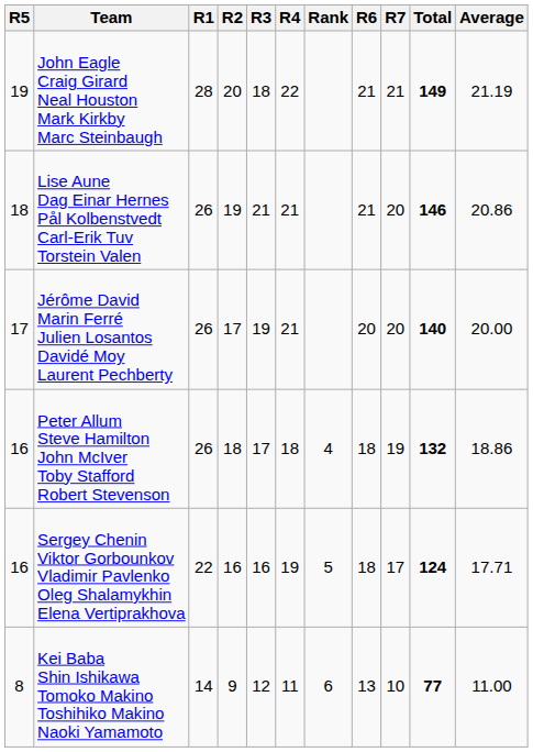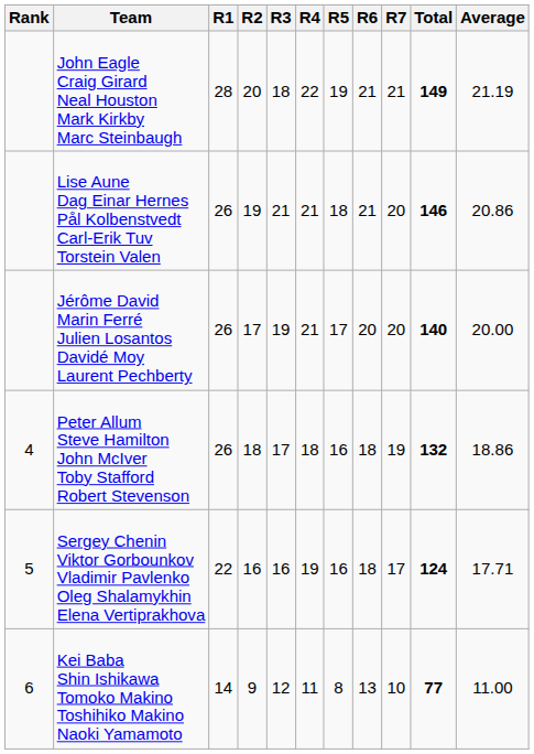 <table class="wikitable sortable" style="text-align:center">
 <tr>
-<th>R5</th>
+<th scope=col>Rank</th>
 <th scope=col>Team</th>
 <th scope=col>R1</th>
 <th scope=col>R2</th>
 <th scope=col>R3</th>
 <th>R4</th>
-<th scope=col>Rank</th>
+<th>R5</th>
 <th>R6</th>
 <th>R7</th>
 <th>Total</th>
 <th>Average</th>
 </tr>
 <tr>
-<td>19</td>
+<td></td>
 <td align=left><br><a href='#'>John Eagle</a><br><a href='#'>Craig Girard</a><br><a href='#'>Neal Houston</a><br><a href='#'>Mark Kirkby</a><br><a href='#'>Marc Steinbaugh</a></td>
 <td>28</td>
 <td>20</td>
 <td>18</td>
 <td>22</td>
-<td></td>
+<td>19</td>
 <td>21</td>
 <td>21</td>
 <td><strong>149</strong></td>
 <td>21.19</td>
 </tr>
 <tr>
-<td>18</td>
+<td></td>
 <td align=left><br><a href='#'>Lise Aune</a><br><a href='#'>Dag Einar Hernes</a><br><a href='#'>Pål Kolbenstvedt</a><br><a href='#'>Carl-Erik Tuv</a><br><a href='#'>Torstein Valen</a></td>
 <td>26</td>
 <td>19</td>
 <td>21</td>
 <td>21</td>
-<td></td>
+<td>18</td>
 <td>21</td>
 <td>20</td>
 <td><strong>146</strong></td>
 <td>20.86</td>
 </tr>
 <tr>
-<td>17</td>
+<td></td>
 <td align=left><br><a href='#'>Jérôme David</a><br><a href='#'>Marin Ferré</a><br><a href='#'>Julien Losantos</a><br><a href='#'>Davidé Moy</a><br><a href='#'>Laurent Pechberty</a></td>
 <td>26</td>
 <td>17</td>
 <td>19</td>
 <td>21</td>
-<td></td>
+<td>17</td>
 <td>20</td>
 <td>20</td>
 <td><strong>140</strong></td>
 <td>20.00</td>
 </tr>
 <tr>
-<td>16</td>
+<td>4</td>
 <td align=left><br><a href='#'>Peter Allum</a><br><a href='#'>Steve Hamilton</a><br><a href='#'>John McIver</a><br><a href='#'>Toby Stafford</a><br><a href='#'>Robert Stevenson</a></td>
 <td>26</td>
 <td>18</td>
 <td>17</td>
 <td>18</td>
-<td>4</td>
+<td>16</td>
 <td>18</td>
 <td>19</td>
 <td><strong>132</strong></td>
 <td>18.86</td>
 </tr>
 <tr>
-<td>16</td>
+<td>5</td>
 <td align=left><br><a href='#'>Sergey Chenin</a><br><a href='#'>Viktor Gorbounkov</a><br><a href='#'>Vladimir Pavlenko</a><br><a href='#'>Oleg Shalamykhin</a><br><a href='#'>Elena Vertiprakhova</a></td>
 <td>22</td>
 <td>16</td>
 <td>16</td>
 <td>19</td>
-<td>5</td>
+<td>16</td>
 <td>18</td>
 <td>17</td>
 <td><strong>124</strong></td>
 <td>17.71</td>
 </tr>
 <tr>
-<td>8</td>
+<td>6</td>
 <td align=left><br><a href='#'>Kei Baba</a><br><a href='#'>Shin Ishikawa</a><br><a href='#'>Tomoko Makino</a><br><a href='#'>Toshihiko Makino</a><br><a href='#'>Naoki Yamamoto</a></td>
 <td>14</td>
 <td>9</td>
 <td>12</td>
 <td>11</td>
-<td>6</td>
+<td>8</td>
 <td>13</td>
 <td>10</td>
 <td><strong>77</strong></td>
 <td>11.00</td>
 </tr>
 </table>
